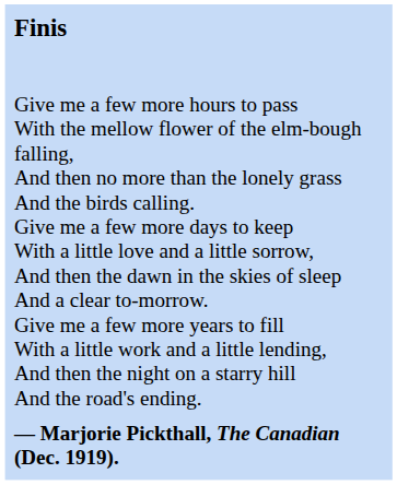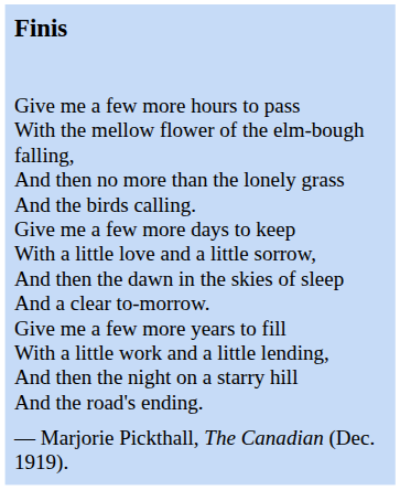 <table class="toccolours" style="float: right; margin-left: 1em; margin-right: 2em; font-size: 85%; background:#c6dbf7; color:black; width:25em; max-width: 20%;" cellspacing="5">
 <tr>
 <td style="text-align: left;"><big><strong>Finis</strong></big><br><br><br>Give me a few more hours to pass<br> With the mellow flower of the elm-bough falling,<br> And then no more than the lonely grass<br> And the birds calling.<br>Give me a few more days to keep<br> With a little love and a little sorrow,<br> And then the dawn in the skies of sleep<br> And a clear to-morrow.<br>Give me a few more years to fill<br> With a little work and a little lending,<br> And then the night on a starry hill<br> And the road's ending.</td>
 </tr>
 <tr>
-<td style="text-align: left;"><strong>— Marjorie Pickthall, <em>The Canadian</em> (Dec. 1919).</strong></td>
+<td style="text-align: left;">— Marjorie Pickthall, <em>The Canadian</em> (Dec. 1919).</td>
 </tr>
 </table>
